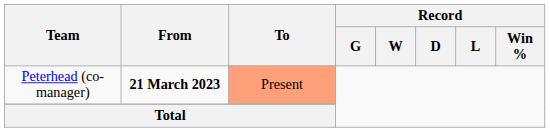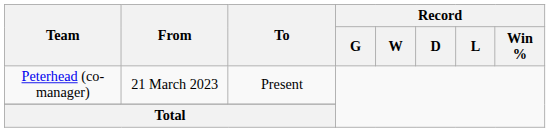 <table class="wikitable" style="text-align: center">
 <tr>
 <th rowspan="2!" style="width:130px;">Team</th>
 <th rowspan="2!" style="width:120px;">From</th>
 <th rowspan="2!" style="width:120px;">To</th>
 <th colspan=5>Record</th>
 </tr>
 <tr>
 <th width=40>G</th>
 <th width=40>W</th>
 <th width=40>D</th>
 <th width=40>L</th>
 <th width=50>Win %</th>
 </tr>
 <tr>
 <td align=centre><a href='#'>Peterhead</a> (co-manager)</td>
-<td align=centre><strong>21 March 2023</strong></td>
-<td align=centre style="background: lightsalmon;">Present<br></td>
+<td align=centre>21 March 2023</td>
+<td align=centre>Present<br></td>
 </tr>
 <tr>
 </tr>
 <tr>
 <th colspan=3>Total<br></th>
 </tr>
 </table>
